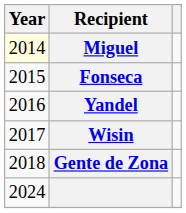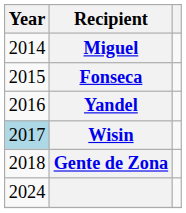 <table class="wikitable plainrowheaders sortable" style="text-align:center">
 <tr>
 <th scope=col>Year</th>
 <th scope=col>Recipient</th>
 <th scope=col class=unsortable></th>
 </tr>
 <tr>
-<td style="background: lightyellow;">2014</td>
+<td>2014</td>
 <th scope=row style="text-align:center;"><a href='#'>Miguel</a></th>
 <td></td>
 </tr>
 <tr>
 <td>2015</td>
 <th scope=row style="text-align:center;"><a href='#'>Fonseca</a></th>
 <td></td>
 </tr>
 <tr>
 <td>2016</td>
 <th scope=row style="text-align:center;"><a href='#'>Yandel</a></th>
 <td></td>
 </tr>
 <tr>
-<td>2017</td>
+<td style="background: lightblue;">2017</td>
 <th scope=row style="text-align:center;"><a href='#'>Wisin</a></th>
 <td></td>
 </tr>
 <tr>
 <td>2018</td>
 <th scope=row style="text-align:center;"><a href='#'>Gente de Zona</a></th>
 <td></td>
 </tr>
 <tr>
 <td>2024</td>
 <th scope=row style="text-align:center;"></th>
 <td></td>
 </tr>
 <tr>
 </tr>
 </table>
